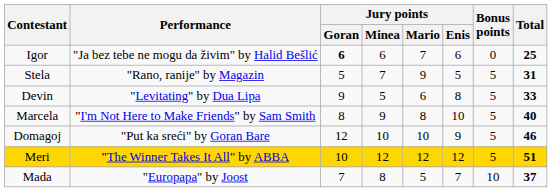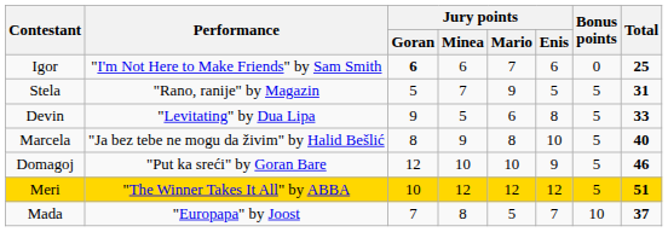 <table class="wikitable sortable" style="text-align: center;">
 <tr>
 <th rowspan="2">Contestant</th>
 <th rowspan="2">Performance</th>
 <th colspan="4">Jury points</th>
 <th rowspan="2">Bonus<br>points</th>
 <th rowspan="2">Total</th>
 </tr>
 <tr>
 <th>Goran</th>
 <th>Minea</th>
 <th>Mario</th>
 <th>Enis</th>
 </tr>
 <tr>
 <td>Igor</td>
-<td>"Ja bez tebe ne mogu da živim" by <a href='#'>Halid Bešlić</a></td>
+<td>"<a href='#'>I'm Not Here to Make Friends</a>" by <a href='#'>Sam Smith</a></td>
 <td><strong>6</strong></td>
 <td>6</td>
 <td>7</td>
 <td>6</td>
 <td>0</td>
 <td><strong>25</strong></td>
 </tr>
 <tr>
 <td>Stela</td>
 <td>"Rano, ranije" by <a href='#'>Magazin</a></td>
 <td>5</td>
 <td>7</td>
 <td>9</td>
 <td>5</td>
 <td>5</td>
 <td><strong>31</strong></td>
 </tr>
 <tr>
 <td>Devin</td>
 <td>"<a href='#'>Levitating</a>" by <a href='#'>Dua Lipa</a></td>
 <td>9</td>
 <td>5</td>
 <td>6</td>
 <td>8</td>
 <td>5</td>
 <td><strong>33</strong></td>
 </tr>
 <tr>
 <td>Marcela</td>
-<td>"<a href='#'>I'm Not Here to Make Friends</a>" by <a href='#'>Sam Smith</a></td>
+<td>"Ja bez tebe ne mogu da živim" by <a href='#'>Halid Bešlić</a></td>
 <td>8</td>
 <td>9</td>
 <td>8</td>
 <td>10</td>
 <td>5</td>
 <td><strong>40</strong></td>
 </tr>
 <tr>
 <td>Domagoj</td>
 <td>"Put ka sreći" by <a href='#'>Goran Bare</a></td>
 <td>12</td>
 <td>10</td>
 <td>10</td>
 <td>9</td>
 <td>5</td>
 <td><strong>46</strong></td>
 </tr>
 <tr style="background-color:gold;">
 <td>Meri</td>
 <td>"<a href='#'>The Winner Takes It All</a>" by <a href='#'>ABBA</a></td>
 <td>10</td>
 <td>12</td>
 <td>12</td>
 <td>12</td>
 <td>5</td>
 <td><strong>51</strong></td>
 </tr>
 <tr>
 <td>Mada</td>
 <td>"<a href='#'>Europapa</a>" by <a href='#'>Joost</a></td>
 <td>7</td>
 <td>8</td>
 <td>5</td>
 <td>7</td>
 <td>10</td>
 <td><strong>37</strong></td>
 </tr>
 </table>
